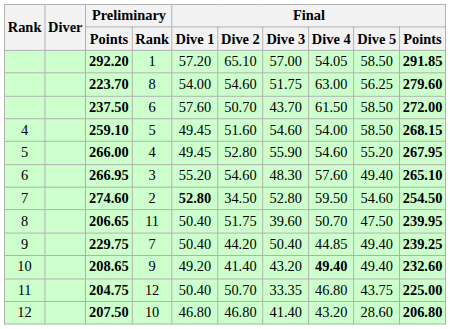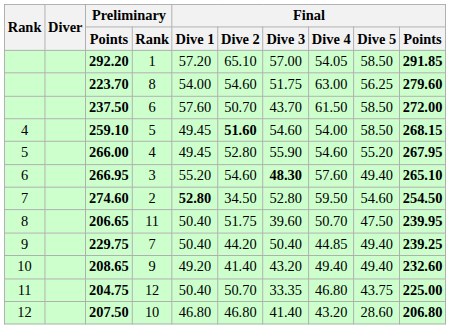 <table class="wikitable sortable" style="text-align:center">
 <tr>
 <th rowspan=2>Rank</th>
 <th rowspan=2>Diver</th>
 <th colspan=2>Preliminary</th>
 <th colspan="6">Final</th>
 </tr>
 <tr>
 <th>Points</th>
 <th>Rank</th>
 <th>Dive 1</th>
 <th>Dive 2</th>
 <th>Dive 3</th>
 <th>Dive 4</th>
 <th>Dive 5</th>
 <th>Points</th>
 </tr>
 <tr bgcolor=ccffcc>
 <td></td>
 <td align=left></td>
 <td><strong>292.20</strong></td>
 <td>1</td>
 <td>57.20</td>
 <td>65.10</td>
 <td>57.00</td>
 <td>54.05</td>
 <td>58.50</td>
 <td><strong>291.85</strong></td>
 </tr>
 <tr bgcolor=ccffcc>
 <td></td>
 <td align=left></td>
 <td><strong>223.70</strong></td>
 <td>8</td>
 <td>54.00</td>
 <td>54.60</td>
 <td>51.75</td>
 <td>63.00</td>
 <td>56.25</td>
 <td><strong>279.60</strong></td>
 </tr>
 <tr bgcolor=ccffcc>
 <td></td>
 <td align=left></td>
 <td><strong>237.50</strong></td>
 <td>6</td>
 <td>57.60</td>
 <td>50.70</td>
 <td>43.70</td>
 <td>61.50</td>
 <td>58.50</td>
 <td><strong>272.00</strong></td>
 </tr>
 <tr bgcolor=ccffcc>
 <td>4</td>
 <td align=left></td>
 <td><strong>259.10</strong></td>
 <td>5</td>
 <td>49.45</td>
-<td>51.60</td>
+<td><strong>51.60</strong></td>
 <td>54.60</td>
 <td>54.00</td>
 <td>58.50</td>
 <td><strong>268.15</strong></td>
 </tr>
 <tr bgcolor=ccffcc>
 <td>5</td>
 <td align=left></td>
 <td><strong>266.00</strong></td>
 <td>4</td>
 <td>49.45</td>
 <td>52.80</td>
 <td>55.90</td>
 <td>54.60</td>
 <td>55.20</td>
 <td><strong>267.95</strong></td>
 </tr>
 <tr bgcolor=ccffcc>
 <td>6</td>
 <td align=left></td>
 <td><strong>266.95</strong></td>
 <td>3</td>
 <td>55.20</td>
 <td>54.60</td>
-<td>48.30</td>
+<td><strong>48.30</strong></td>
 <td>57.60</td>
 <td>49.40</td>
 <td><strong>265.10</strong></td>
 </tr>
 <tr bgcolor=ccffcc>
 <td>7</td>
 <td align=left></td>
 <td><strong>274.60</strong></td>
 <td>2</td>
 <td><strong>52.80</strong></td>
 <td>34.50</td>
 <td>52.80</td>
 <td>59.50</td>
 <td>54.60</td>
 <td><strong>254.50</strong></td>
 </tr>
 <tr bgcolor=ccffcc>
 <td>8</td>
 <td align=left></td>
 <td><strong>206.65</strong></td>
 <td>11</td>
 <td>50.40</td>
 <td>51.75</td>
 <td>39.60</td>
 <td>50.70</td>
 <td>47.50</td>
 <td><strong>239.95</strong></td>
 </tr>
 <tr bgcolor=ccffcc>
 <td>9</td>
 <td align=left></td>
 <td><strong>229.75</strong></td>
 <td>7</td>
 <td>50.40</td>
 <td>44.20</td>
 <td>50.40</td>
 <td>44.85</td>
 <td>49.40</td>
 <td><strong>239.25</strong></td>
 </tr>
 <tr bgcolor=ccffcc>
 <td>10</td>
 <td align=left></td>
 <td><strong>208.65</strong></td>
 <td>9</td>
 <td>49.20</td>
 <td>41.40</td>
 <td>43.20</td>
-<td><strong>49.40</strong></td>
+<td>49.40</td>
 <td>49.40</td>
 <td><strong>232.60</strong></td>
 </tr>
 <tr bgcolor=ccffcc>
 <td>11</td>
 <td align=left></td>
 <td><strong>204.75</strong></td>
 <td>12</td>
 <td>50.40</td>
 <td>50.70</td>
 <td>33.35</td>
 <td>46.80</td>
 <td>43.75</td>
 <td><strong>225.00</strong></td>
 </tr>
 <tr bgcolor=ccffcc>
 <td>12</td>
 <td align=left></td>
 <td><strong>207.50</strong></td>
 <td>10</td>
 <td>46.80</td>
 <td>46.80</td>
 <td>41.40</td>
 <td>43.20</td>
 <td>28.60</td>
 <td><strong>206.80</strong></td>
 </tr>
 </table>
